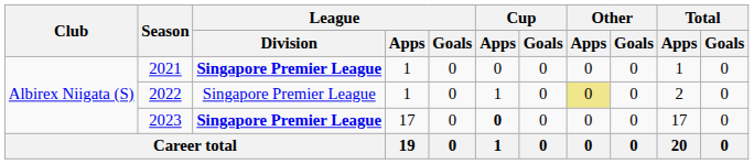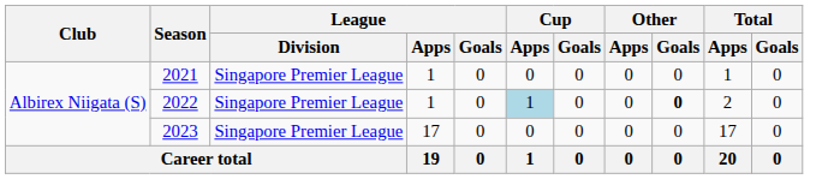 <table class="wikitable" style="text-align: center">
 <tr>
 <th rowspan="2">Club</th>
 <th rowspan="2">Season</th>
 <th colspan="3">League</th>
 <th colspan="2">Cup</th>
 <th colspan="2">Other</th>
 <th colspan="2">Total</th>
 </tr>
 <tr>
 <th>Division</th>
 <th>Apps</th>
 <th>Goals</th>
 <th>Apps</th>
 <th>Goals</th>
 <th>Apps</th>
 <th>Goals</th>
 <th>Apps</th>
 <th>Goals</th>
 </tr>
 <tr>
 <td rowspan="3"><a href='#'>Albirex Niigata (S)</a></td>
 <td><a href='#'>2021</a></td>
-<td><strong><a href='#'>Singapore Premier League</a></strong></td>
+<td><a href='#'>Singapore Premier League</a></td>
 <td>1</td>
 <td>0</td>
 <td>0</td>
 <td>0</td>
 <td>0</td>
 <td>0</td>
 <td>1</td>
 <td>0</td>
 </tr>
 <tr>
 <td><a href='#'>2022</a></td>
 <td><a href='#'>Singapore Premier League</a></td>
 <td>1</td>
 <td>0</td>
-<td>1</td>
+<td style="background: lightblue;">1</td>
 <td>0</td>
-<td style="background: khaki;">0</td>
 <td>0</td>
+<td><strong>0</strong></td>
 <td>2</td>
 <td>0</td>
 </tr>
 <tr>
 <td><a href='#'>2023</a></td>
-<td><strong><a href='#'>Singapore Premier League</a></strong></td>
+<td><a href='#'>Singapore Premier League</a></td>
 <td>17</td>
 <td>0</td>
-<td><strong>0</strong></td>
+<td>0</td>
 <td>0</td>
 <td>0</td>
 <td>0</td>
 <td>17</td>
 <td>0</td>
 </tr>
 <tr>
 <th colspan=3>Career total</th>
 <th>19</th>
 <th>0</th>
 <th>1</th>
 <th>0</th>
 <th>0</th>
 <th>0</th>
 <th>20</th>
 <th>0</th>
 </tr>
 </table>
